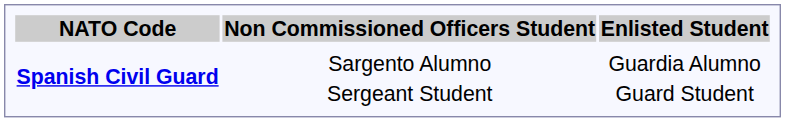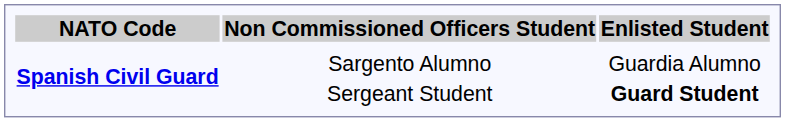 <table style="border:1px solid #8888aa; background-color:#f7f8ff; padding:5px; font-size:95%; margin: 0px 12px 12px 0px;">
 <tr bgcolor="#CCCCCC">
 <th><strong>NATO Code</strong></th>
 <th>Non Commissioned Officers Student</th>
 <th>Enlisted Student</th>
 </tr>
 <tr style="text-align:center;">
 <td rowspan=3><strong> <a href='#'>Spanish Civil Guard</a></strong></td>
 <td></td>
 <td></td>
 </tr>
 <tr style="text-align:center;">
 <td>Sargento Alumno</td>
 <td>Guardia Alumno</td>
 </tr>
 <tr style="text-align:center;">
 <td>Sergeant Student</td>
-<td>Guard Student</td>
+<td><strong>Guard Student</strong></td>
 </tr>
 </table>
